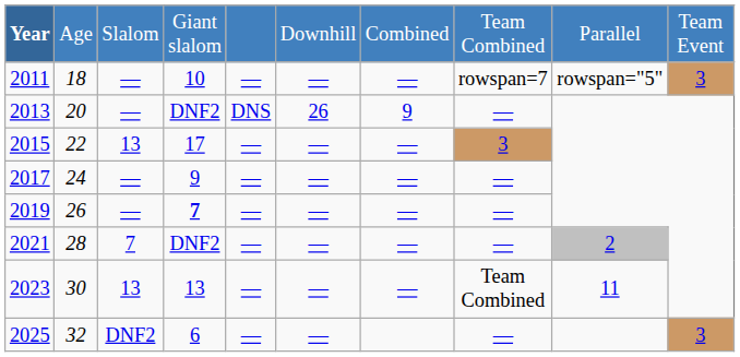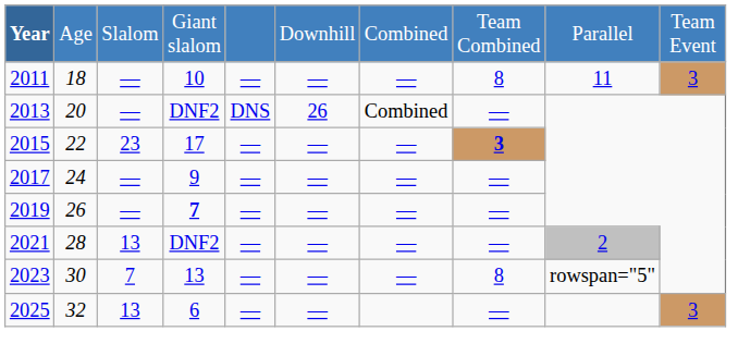 <table class="wikitable" style="font-size:95%; text-align:center; border:grey solid 1px; border-collapse:collapse;" width="40%">
 <tr style="background-color:#369; color:white;">
 <td rowspan="2" colspan="1" width="4%"><strong>Year</strong></td>
 </tr>
 <tr style="background-color:#4180be; color:white;">
 <td width="3%">Age</td>
 <td width="5%">Slalom</td>
 <td width="5%">Giant<br>slalom</td>
 <td width="5%"></td>
 <td width="5%">Downhill</td>
 <td width="5%">Combined</td>
 <td width="5%">Team<br>Combined</td>
 <td width="5%">Parallel</td>
 <td width="5%">Team<br> Event </td>
 </tr>
 <tr style="background-color:#8CB2D8; color:white;">
 </tr>
 <tr>
 <td><a href='#'>2011</a></td>
 <td><em>18</em></td>
 <td><a href='#'>—</a></td>
 <td><a href='#'>10</a></td>
 <td><a href='#'>—</a></td>
 <td><a href='#'>—</a></td>
 <td><a href='#'>—</a></td>
-<td>rowspan=7</td>
-<td>rowspan="5" </td>
+<td><a href='#'>8</a></td>
+<td><a href='#'>11</a></td>
 <td style="background:#c96;"><a href='#'>3</a></td>
 </tr>
 <tr>
 <td><a href='#'>2013</a></td>
 <td><em>20</em></td>
 <td><a href='#'>—</a></td>
 <td><a href='#'>DNF2</a></td>
 <td><a href='#'>DNS</a></td>
 <td><a href='#'>26</a></td>
-<td><a href='#'>9</a></td>
+<td width="5%">Combined</td>
 <td><a href='#'>—</a></td>
 </tr>
 <tr>
 <td><a href='#'>2015</a></td>
 <td><em>22</em></td>
-<td><a href='#'>13</a></td>
+<td><a href='#'>23</a></td>
 <td><a href='#'>17</a></td>
 <td><a href='#'>—</a></td>
 <td><a href='#'>—</a></td>
 <td><a href='#'>—</a></td>
-<td style="background:#c96;"><a href='#'>3</a></td>
+<td style="background:#c96;"><strong><a href='#'>3</a></strong></td>
 </tr>
 <tr>
 <td><a href='#'>2017</a></td>
 <td><em>24</em></td>
 <td><a href='#'>—</a></td>
 <td><a href='#'>9</a></td>
 <td><a href='#'>—</a></td>
 <td><a href='#'>—</a></td>
 <td><a href='#'>—</a></td>
 <td><a href='#'>—</a></td>
 </tr>
 <tr>
 <td><a href='#'>2019</a></td>
 <td><em>26</em></td>
 <td><a href='#'>—</a></td>
 <td><strong><a href='#'>7</a></strong></td>
 <td><a href='#'>—</a></td>
 <td><a href='#'>—</a></td>
 <td><a href='#'>—</a></td>
 <td><a href='#'>—</a></td>
 </tr>
 <tr>
 <td><a href='#'>2021</a></td>
 <td><em>28</em></td>
-<td><a href='#'>7</a></td>
+<td><a href='#'>13</a></td>
 <td><a href='#'>DNF2</a></td>
 <td><a href='#'>—</a></td>
 <td><a href='#'>—</a></td>
 <td><a href='#'>—</a></td>
 <td><a href='#'>—</a></td>
 <td style="background:silver;"><a href='#'>2</a></td>
 </tr>
 <tr>
 <td><a href='#'>2023</a></td>
 <td><em>30</em></td>
-<td><a href='#'>13</a></td>
+<td><a href='#'>7</a></td>
 <td><a href='#'>13</a></td>
 <td><a href='#'>—</a></td>
 <td><a href='#'>—</a></td>
 <td><a href='#'>—</a></td>
-<td width="5%">Team<br>Combined</td>
-<td><a href='#'>11</a></td>
+<td><a href='#'>8</a></td>
+<td>rowspan="5" </td>
 </tr>
 <tr>
 <td><a href='#'>2025</a></td>
 <td><em>32</em></td>
-<td><a href='#'>DNF2</a></td>
+<td><a href='#'>13</a></td>
 <td><a href='#'>6</a></td>
 <td><a href='#'>—</a></td>
 <td><a href='#'>—</a></td>
 <td></td>
 <td><a href='#'>—</a></td>
 <td></td>
 <td style="background:#c96;"><a href='#'>3</a></td>
 </tr>
 </table>
